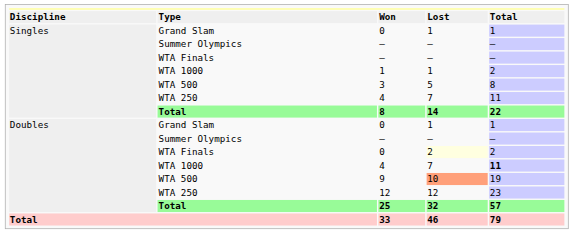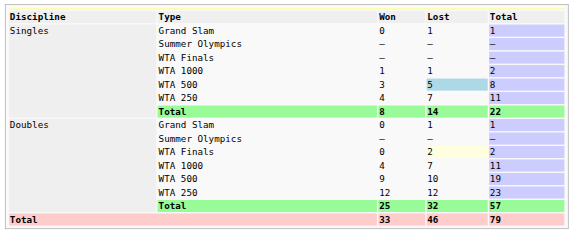 <table class="infobox vcard vevent nowrap" width=40%>
 <tr bgcolor=FFFF99>
 <th colspan="5"></th>
 </tr>
 <tr style=background:#efefef;font-weight:bold>
 <td>Discipline</td>
 <td>Type</td>
 <td>Won</td>
 <td>Lost</td>
 <td>Total</td>
 </tr>
 <tr>
 <td rowspan="7" style="background:#efefef;">Singles</td>
 <td>Grand Slam</td>
 <td>0</td>
 <td>1</td>
 <td bgcolor="CCCCFF">1</td>
 </tr>
 <tr>
 <td>Summer Olympics</td>
 <td>–</td>
 <td>–</td>
 <td bgcolor="CCCCFF">–</td>
 </tr>
 <tr>
 <td>WTA Finals</td>
 <td>–</td>
 <td>–</td>
 <td bgcolor="CCCCFF">–</td>
 </tr>
 <tr>
 <td>WTA 1000</td>
 <td>1</td>
 <td>1</td>
 <td bgcolor="CCCCFF">2</td>
 </tr>
 <tr>
 <td>WTA 500</td>
 <td>3</td>
-<td>5</td>
+<td style="background: lightblue;">5</td>
 <td bgcolor=CCCCFF>8</td>
 </tr>
 <tr>
 <td>WTA 250</td>
 <td>4</td>
 <td>7</td>
 <td bgcolor="CCCCFF">11</td>
 </tr>
 <tr style=background:#98FB98;font-weight:bold>
 <td>Total</td>
 <td>8</td>
 <td>14</td>
 <td>22</td>
 </tr>
 <tr>
 <td rowspan="7" style="background:#efefef;">Doubles</td>
 <td>Grand Slam</td>
 <td>0</td>
 <td>1</td>
 <td bgcolor="CCCCFF">1</td>
 </tr>
 <tr>
 <td>Summer Olympics</td>
 <td>–</td>
 <td>–</td>
 <td bgcolor="CCCCFF">–</td>
 </tr>
 <tr>
 <td>WTA Finals</td>
 <td>0</td>
 <td style="background: lightyellow;">2</td>
 <td bgcolor="CCCCFF">2</td>
 </tr>
 <tr>
 <td>WTA 1000</td>
 <td>4</td>
 <td>7</td>
-<td bgcolor="CCCCFF"><strong>11</strong></td>
+<td bgcolor="CCCCFF">11</td>
 </tr>
 <tr>
 <td>WTA 500</td>
 <td>9</td>
-<td style="background: lightsalmon;">10</td>
+<td>10</td>
 <td bgcolor=CCCCFF>19</td>
 </tr>
 <tr>
 <td>WTA 250</td>
 <td>12</td>
 <td>12</td>
 <td bgcolor="CCCCFF">23</td>
 </tr>
 <tr style=background:#98FB98;font-weight:bold>
 <td>Total</td>
 <td>25</td>
 <td>32</td>
 <td>57</td>
 </tr>
 <tr style="background:#FCC;font-weight:bold">
 <td colspan="2">Total</td>
 <td>33</td>
 <td>46</td>
 <td>79</td>
 </tr>
 </table>
